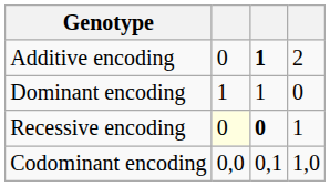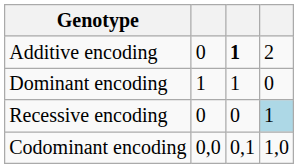 <table class="wikitable">
 <tr>
 <th>Genotype</th>
 <th></th>
 <th></th>
 <th></th>
 </tr>
 <tr>
 <td>Additive encoding</td>
 <td>0</td>
 <td><strong>1</strong></td>
 <td>2</td>
 </tr>
 <tr>
 <td>Dominant encoding</td>
 <td>1</td>
 <td>1</td>
 <td>0</td>
 </tr>
 <tr>
 <td>Recessive encoding</td>
-<td style="background: lightyellow;">0</td>
-<td><strong>0</strong></td>
-<td>1</td>
+<td>0</td>
+<td>0</td>
+<td style="background: lightblue;">1</td>
 </tr>
 <tr>
 <td>Codominant encoding</td>
 <td>0,0</td>
 <td>0,1</td>
 <td>1,0</td>
 </tr>
 </table>
